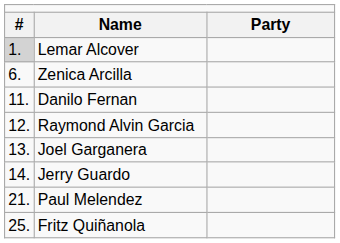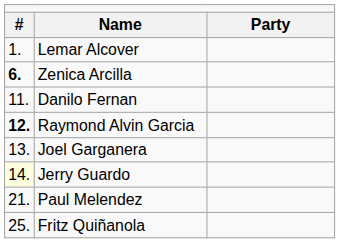 <table class=wikitable style="font-size:90%">
 <tr>
 <td colspan=4 bgcolor=></td>
 </tr>
 <tr>
 <th>#</th>
 <th width=150px>Name</th>
 <th colspan=2 width=110px>Party</th>
 </tr>
 <tr>
-<td style="background: lightgrey;">1.</td>
+<td>1.</td>
 <td>Lemar Alcover</td>
 <td></td>
 </tr>
 <tr>
-<td>6.</td>
+<td><strong>6.</strong></td>
 <td>Zenica Arcilla</td>
 <td></td>
 </tr>
 <tr>
 <td>11.</td>
 <td>Danilo Fernan</td>
 <td></td>
 </tr>
 <tr>
-<td>12.</td>
+<td><strong>12.</strong></td>
 <td>Raymond Alvin Garcia</td>
 <td></td>
 </tr>
 <tr>
 <td>13.</td>
 <td>Joel Garganera</td>
 <td></td>
 </tr>
 <tr>
-<td>14.</td>
+<td style="background: lightyellow;">14.</td>
 <td>Jerry Guardo</td>
 <td></td>
 </tr>
 <tr>
 <td>21.</td>
 <td>Paul Melendez</td>
 <td></td>
 </tr>
 <tr>
 <td>25.</td>
 <td>Fritz Quiñanola</td>
 <td></td>
 </tr>
 </table>
